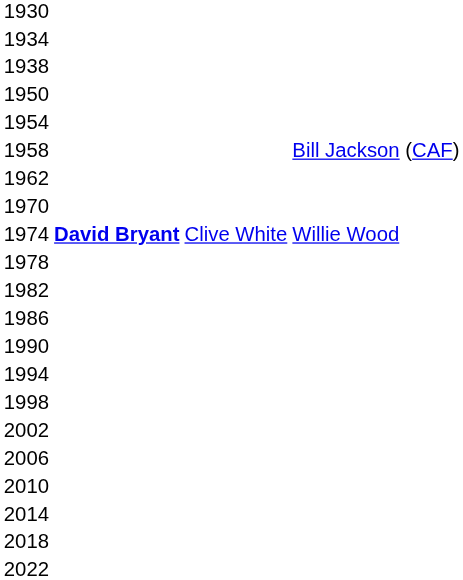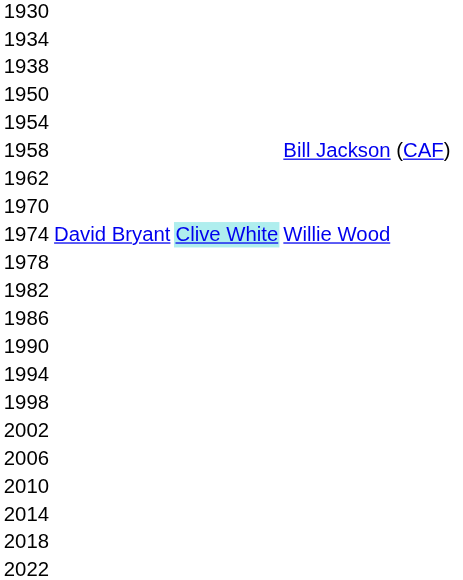 <table>
 <tr>
 <td>1930<br></td>
 <td></td>
 <td></td>
 <td></td>
 </tr>
 <tr>
 <td>1934<br></td>
 <td></td>
 <td></td>
 <td></td>
 </tr>
 <tr>
 <td>1938<br></td>
 <td></td>
 <td></td>
 <td></td>
 </tr>
 <tr>
 <td>1950<br></td>
 <td></td>
 <td></td>
 <td></td>
 </tr>
 <tr>
 <td>1954<br></td>
 <td></td>
 <td></td>
 <td></td>
 </tr>
 <tr>
 <td>1958<br></td>
 <td></td>
 <td></td>
 <td> <a href='#'>Bill Jackson</a> (<a href='#'>CAF</a>)</td>
 </tr>
 <tr>
 <td>1962<br></td>
 <td></td>
 <td></td>
 <td></td>
 </tr>
 <tr>
 <td>1970<br></td>
 <td></td>
 <td></td>
 <td></td>
 </tr>
 <tr>
 <td>1974<br></td>
-<td><strong> <a href='#'>David Bryant</a></strong></td>
-<td> <a href='#'>Clive White</a></td>
+<td> <a href='#'>David Bryant</a></td>
+<td style="background: paleturquoise;"> <a href='#'>Clive White</a></td>
 <td> <a href='#'>Willie Wood</a></td>
 </tr>
 <tr>
 <td>1978<br></td>
 <td></td>
 <td></td>
 <td></td>
 </tr>
 <tr>
 <td>1982<br></td>
 <td></td>
 <td></td>
 <td></td>
 </tr>
 <tr>
 <td>1986<br></td>
 <td></td>
 <td></td>
 <td></td>
 </tr>
 <tr>
 <td>1990<br></td>
 <td></td>
 <td></td>
 <td></td>
 </tr>
 <tr>
 <td>1994<br></td>
 <td></td>
 <td></td>
 <td><br></td>
 </tr>
 <tr>
 <td>1998<br></td>
 <td></td>
 <td></td>
 <td><br></td>
 </tr>
 <tr>
 <td rowspan=2>2002<br></td>
 <td rowspan=2></td>
 <td rowspan=2></td>
 <td></td>
 </tr>
 <tr>
 <td></td>
 </tr>
 <tr>
 <td>2006<br></td>
 <td></td>
 <td></td>
 <td></td>
 </tr>
 <tr>
 <td>2010<br></td>
 <td></td>
 <td></td>
 <td></td>
 </tr>
 <tr>
 <td>2014<br></td>
 <td></td>
 <td></td>
 <td></td>
 </tr>
 <tr>
 <td>2018<br></td>
 <td></td>
 <td></td>
 <td></td>
 </tr>
 <tr>
 <td>2022<br></td>
 <td></td>
 <td></td>
 <td></td>
 </tr>
 </table>
